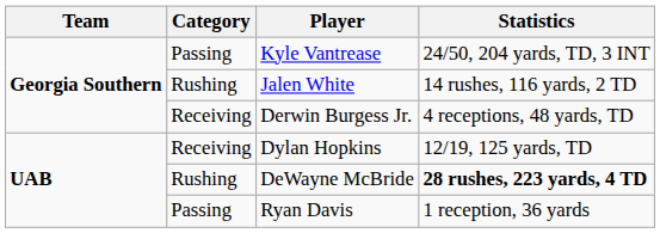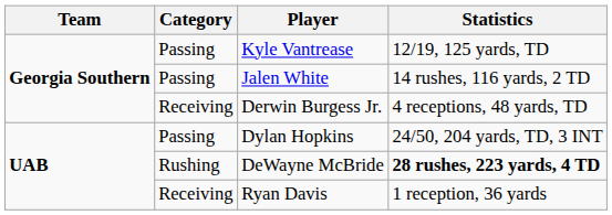 <table class="wikitable" style="float: left;">
 <tr>
 <th>Team</th>
 <th>Category</th>
 <th>Player</th>
 <th>Statistics</th>
 </tr>
 <tr>
 <td rowspan=3><strong>Georgia Southern</strong></td>
 <td>Passing</td>
 <td><a href='#'>Kyle Vantrease</a></td>
-<td>24/50, 204 yards, TD, 3 INT</td>
+<td>12/19, 125 yards, TD</td>
 </tr>
 <tr>
-<td>Rushing</td>
+<td>Passing</td>
 <td><a href='#'>Jalen White</a></td>
 <td>14 rushes, 116 yards, 2 TD</td>
 </tr>
 <tr>
 <td>Receiving</td>
 <td>Derwin Burgess Jr.</td>
 <td>4 receptions, 48 yards, TD</td>
 </tr>
 <tr>
 <td rowspan=3><strong>UAB</strong></td>
-<td>Receiving</td>
+<td>Passing</td>
 <td>Dylan Hopkins</td>
-<td>12/19, 125 yards, TD</td>
+<td>24/50, 204 yards, TD, 3 INT</td>
 </tr>
 <tr>
 <td>Rushing</td>
 <td>DeWayne McBride</td>
 <td><strong>28 rushes, 223 yards, 4 TD</strong></td>
 </tr>
 <tr>
-<td>Passing</td>
+<td>Receiving</td>
 <td>Ryan Davis</td>
 <td>1 reception, 36 yards</td>
 </tr>
 </table>
